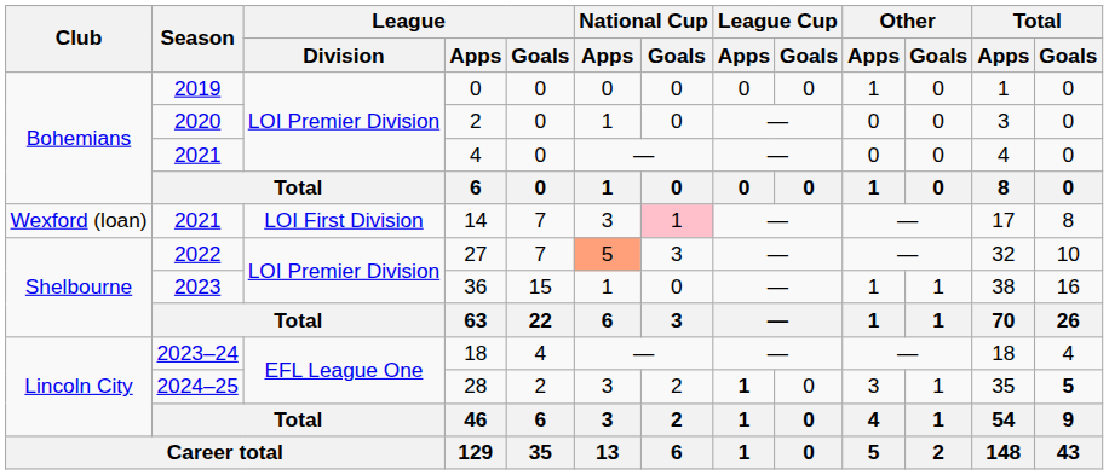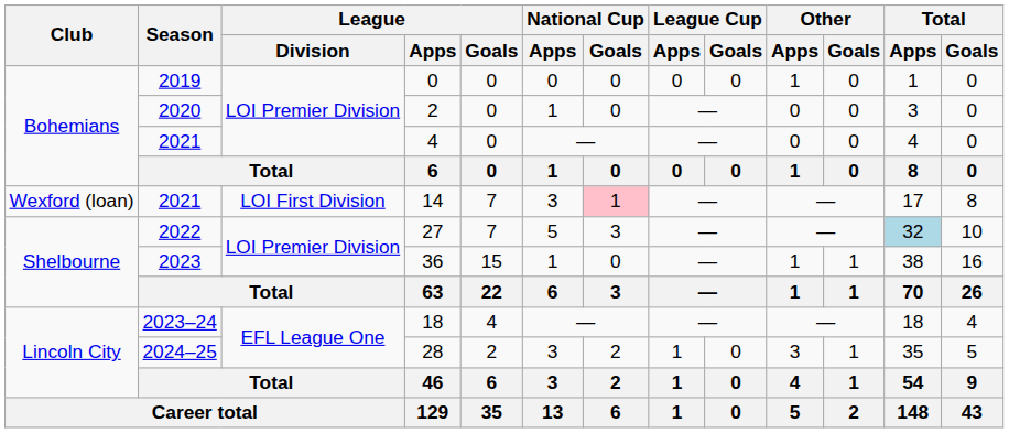 <table class="wikitable" style="text-align:center">
 <tr>
 <th rowspan=2>Club</th>
 <th rowspan=2>Season</th>
 <th colspan=3>League</th>
 <th colspan=2>National Cup</th>
 <th colspan=2>League Cup</th>
 <th colspan=2>Other</th>
 <th colspan=2>Total</th>
 </tr>
 <tr>
 <th>Division</th>
 <th>Apps</th>
 <th>Goals</th>
 <th>Apps</th>
 <th>Goals</th>
 <th>Apps</th>
 <th>Goals</th>
 <th>Apps</th>
 <th>Goals</th>
 <th>Apps</th>
 <th>Goals</th>
 </tr>
 <tr>
 <td rowspan="4"><a href='#'>Bohemians</a></td>
 <td><a href='#'>2019</a></td>
 <td rowspan="3"><a href='#'>LOI Premier Division</a></td>
 <td>0</td>
 <td>0</td>
 <td>0</td>
 <td>0</td>
 <td>0</td>
 <td>0</td>
 <td>1</td>
 <td>0</td>
 <td>1</td>
 <td>0</td>
 </tr>
 <tr>
 <td><a href='#'>2020</a></td>
 <td>2</td>
 <td>0</td>
 <td>1</td>
 <td>0</td>
 <td colspan="2">—</td>
 <td>0</td>
 <td>0</td>
 <td>3</td>
 <td>0</td>
 </tr>
 <tr>
 <td><a href='#'>2021</a></td>
 <td>4</td>
 <td>0</td>
 <td colspan="2">—</td>
 <td colspan="2">—</td>
 <td>0</td>
 <td>0</td>
 <td>4</td>
 <td>0</td>
 </tr>
 <tr>
 <th colspan="2">Total</th>
 <th>6</th>
 <th>0</th>
 <th>1</th>
 <th>0</th>
 <th>0</th>
 <th>0</th>
 <th>1</th>
 <th>0</th>
 <th>8</th>
 <th>0</th>
 </tr>
 <tr>
 <td><a href='#'>Wexford</a> (loan)</td>
 <td><a href='#'>2021</a></td>
 <td><a href='#'>LOI First Division</a></td>
 <td>14</td>
 <td>7</td>
 <td>3</td>
 <td style="background: pink;">1</td>
 <td colspan="2">—</td>
 <td colspan="2">—</td>
 <td>17</td>
 <td>8</td>
 </tr>
 <tr>
 <td rowspan="3"><a href='#'>Shelbourne</a></td>
 <td><a href='#'>2022</a></td>
 <td rowspan="2"><a href='#'>LOI Premier Division</a></td>
 <td>27</td>
 <td>7</td>
-<td style="background: lightsalmon;">5</td>
+<td>5</td>
 <td>3</td>
 <td colspan="2">—</td>
 <td colspan="2">—</td>
-<td>32</td>
+<td style="background: lightblue;">32</td>
 <td>10</td>
 </tr>
 <tr>
 <td><a href='#'>2023</a></td>
 <td>36</td>
 <td>15</td>
 <td>1</td>
 <td>0</td>
 <td colspan="2">—</td>
 <td>1</td>
 <td>1</td>
 <td>38</td>
 <td>16</td>
 </tr>
 <tr>
 <th colspan="2">Total</th>
 <th>63</th>
 <th>22</th>
 <th>6</th>
 <th>3</th>
 <th colspan="2">—</th>
 <th>1</th>
 <th>1</th>
 <th>70</th>
 <th>26</th>
 </tr>
 <tr>
 <td rowspan="3"><a href='#'>Lincoln City</a></td>
 <td><a href='#'>2023–24</a></td>
 <td rowspan="2"><a href='#'>EFL League One</a></td>
 <td>18</td>
 <td>4</td>
 <td colspan="2">—</td>
 <td colspan="2">—</td>
 <td colspan="2">—</td>
 <td>18</td>
 <td>4</td>
 </tr>
 <tr>
 <td><a href='#'>2024–25</a></td>
 <td>28</td>
 <td>2</td>
 <td>3</td>
 <td>2</td>
-<td><strong>1</strong></td>
+<td>1</td>
 <td>0</td>
 <td>3</td>
 <td>1</td>
 <td>35</td>
-<td><strong>5</strong></td>
+<td>5</td>
 </tr>
 <tr>
 <th colspan="2">Total</th>
 <th>46</th>
 <th>6</th>
 <th>3</th>
 <th>2</th>
 <th>1</th>
 <th>0</th>
 <th>4</th>
 <th>1</th>
 <th>54</th>
 <th>9</th>
 </tr>
 <tr>
 <th colspan=3>Career total</th>
 <th>129</th>
 <th>35</th>
 <th>13</th>
 <th>6</th>
 <th>1</th>
 <th>0</th>
 <th>5</th>
 <th>2</th>
 <th>148</th>
 <th>43</th>
 </tr>
 </table>
